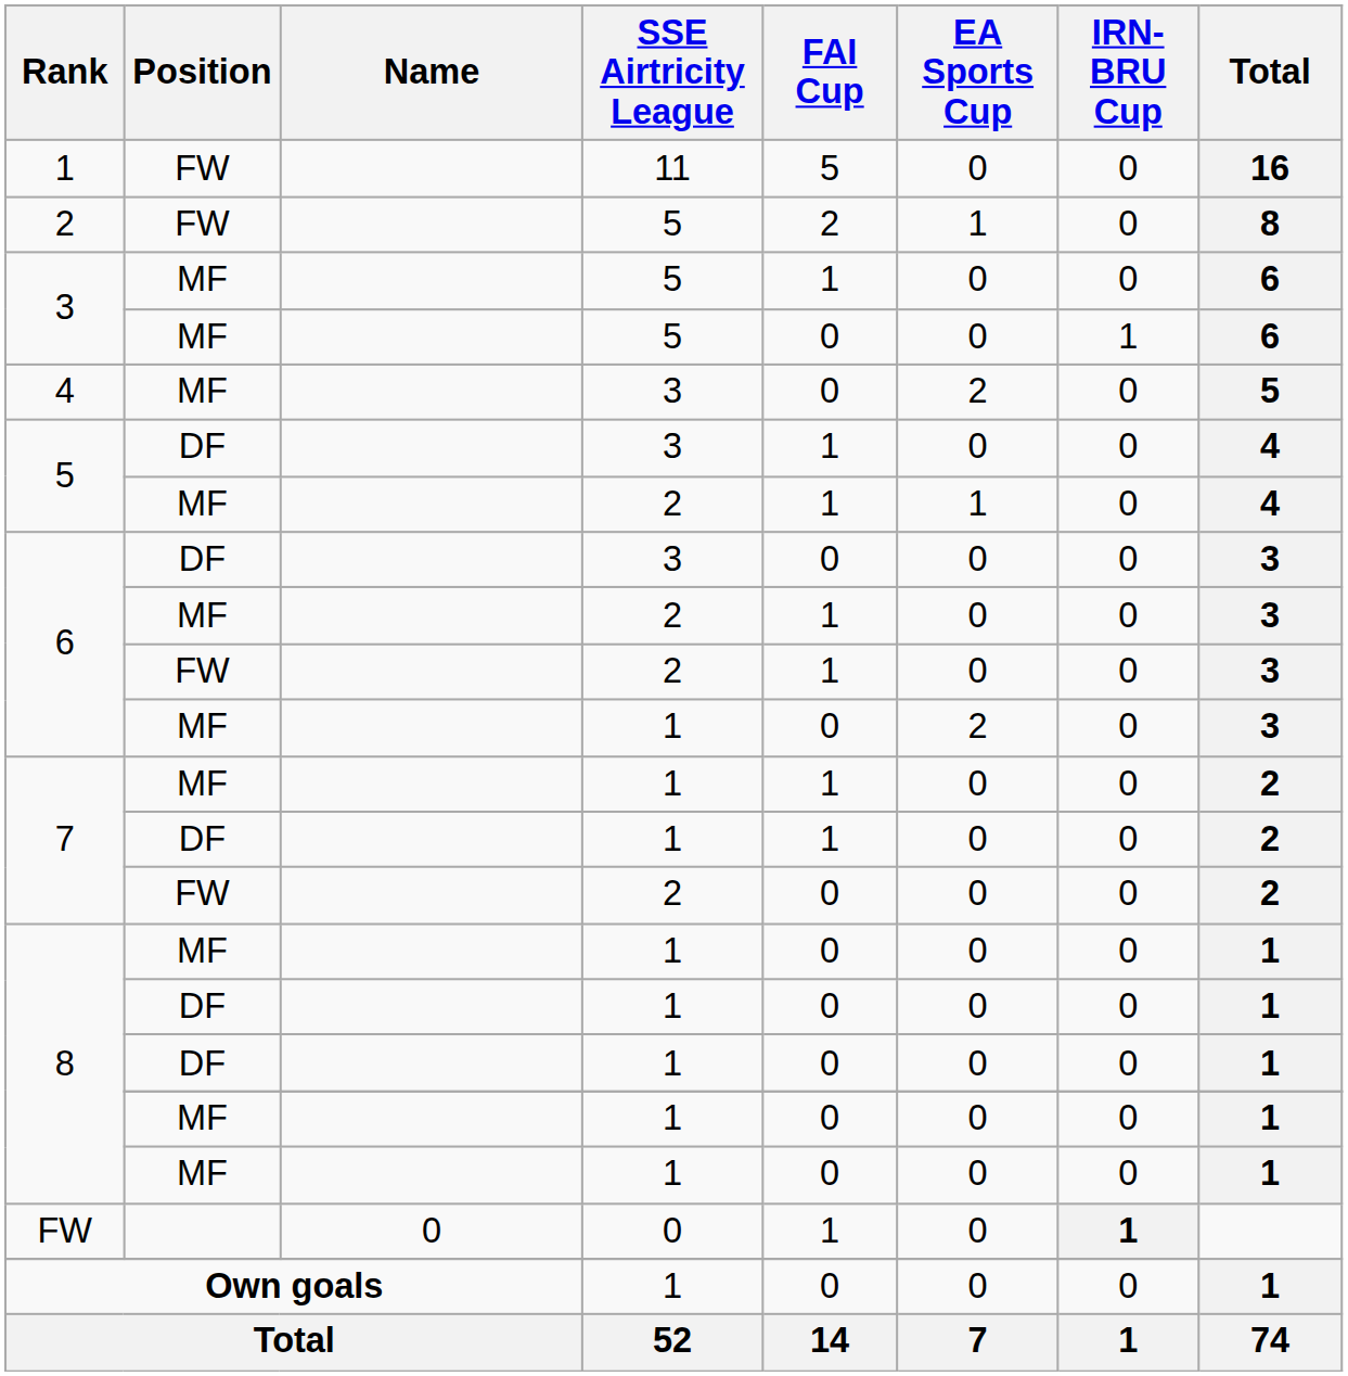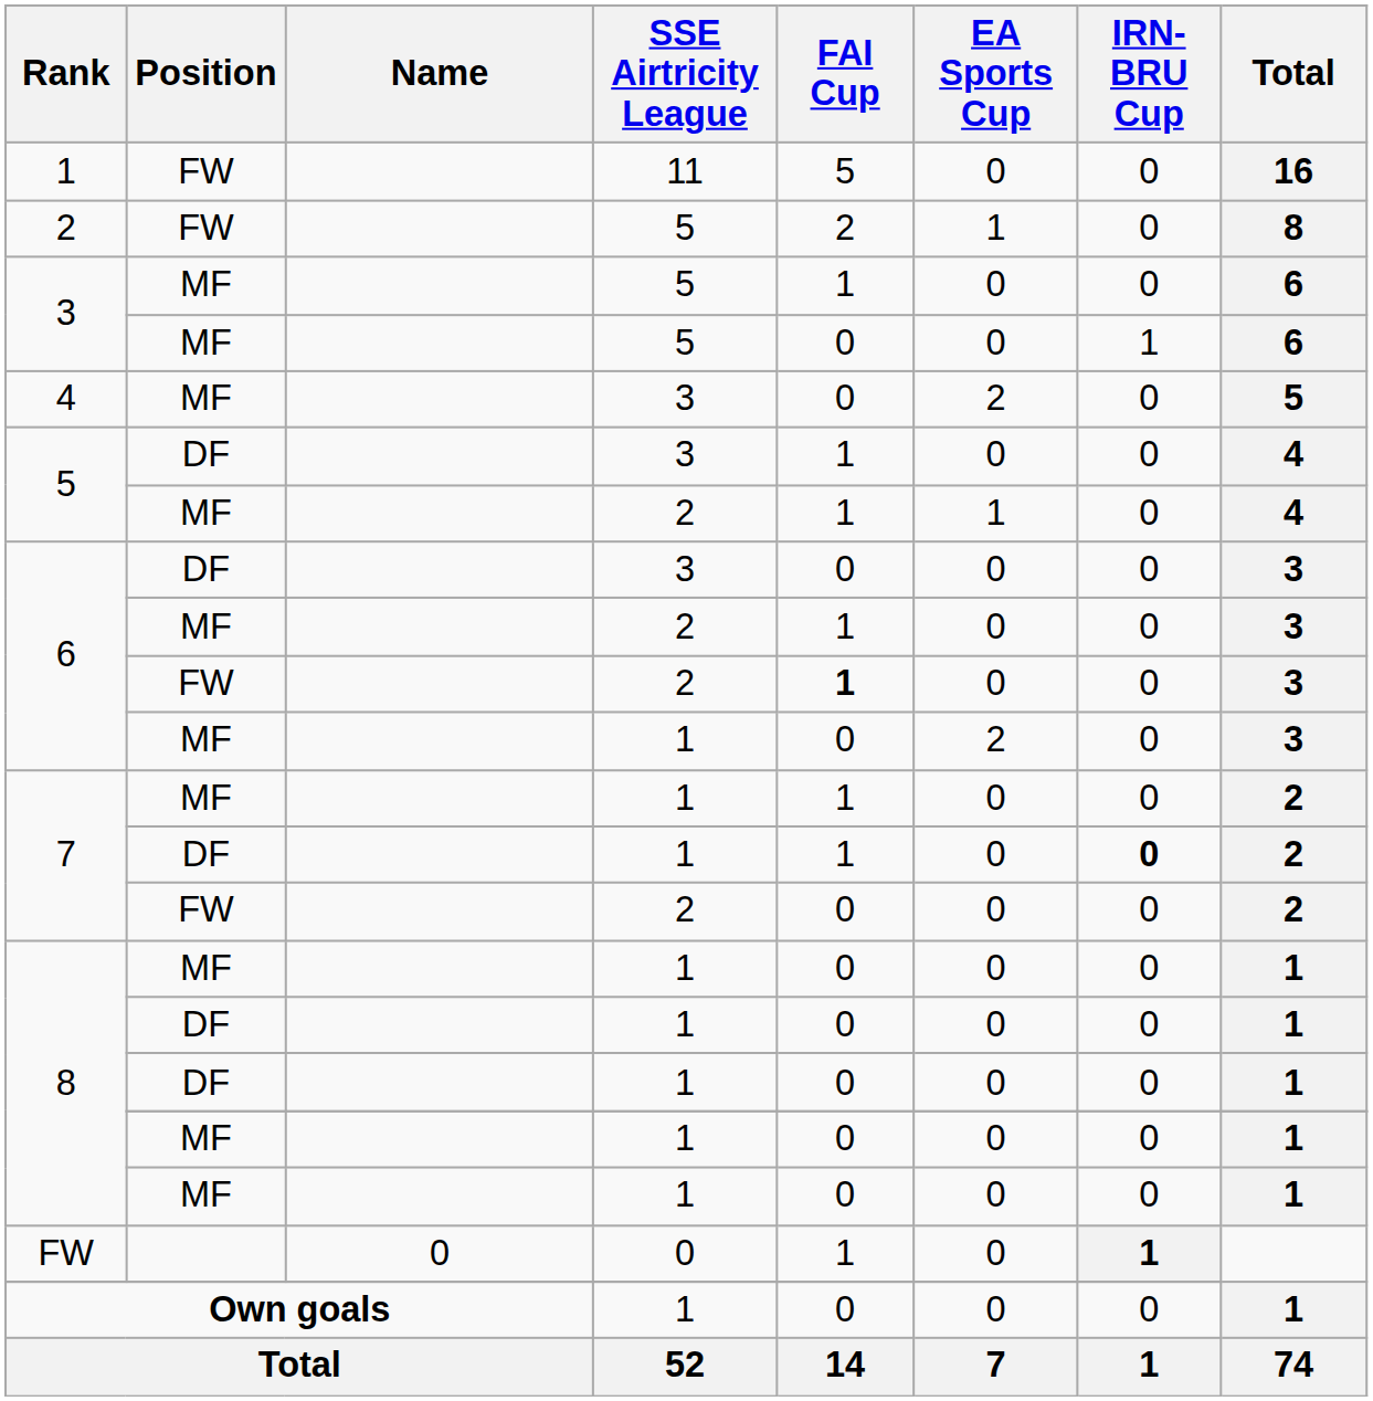 <table class="wikitable" style="text-align: center;">
 <tr>
 <th style="width:56px;">Rank</th>
 <th style="width:64px;">Position</th>
 <th style="width:240px;">Name</th>
 <th style="width:84px;"><a href='#'>SSE Airtricity League</a></th>
 <th style="width:84px;"><a href='#'>FAI Cup</a></th>
 <th style="width:84px;"><a href='#'>EA Sports Cup</a></th>
 <th style="width:84px;"><a href='#'>IRN-BRU Cup</a></th>
 <th style="width:84px;"><strong>Total</strong></th>
 </tr>
 <tr>
 <td rowspan="1">1</td>
 <td>FW</td>
 <td align=left></td>
 <td>11 </td>
 <td>5 </td>
 <td>0 </td>
 <td>0 </td>
 <th>16 </th>
 </tr>
 <tr>
 <td rowspan="1">2</td>
 <td>FW</td>
 <td align=left></td>
 <td>5 </td>
 <td>2 </td>
 <td>1 </td>
 <td>0 </td>
 <th>8 </th>
 </tr>
 <tr>
 <td rowspan="2">3</td>
 <td>MF</td>
 <td align=left></td>
 <td>5 </td>
 <td>1 </td>
 <td>0 </td>
 <td>0 </td>
 <th>6 </th>
 </tr>
 <tr>
 <td>MF</td>
 <td align=left></td>
 <td>5 </td>
 <td>0 </td>
 <td>0 </td>
 <td>1 </td>
 <th>6 </th>
 </tr>
 <tr>
 <td rowspan="1">4</td>
 <td>MF</td>
 <td align=left></td>
 <td>3 </td>
 <td>0 </td>
 <td>2 </td>
 <td>0 </td>
 <th>5 </th>
 </tr>
 <tr>
 <td rowspan="2">5</td>
 <td>DF</td>
 <td align=left></td>
 <td>3 </td>
 <td>1 </td>
 <td>0 </td>
 <td>0 </td>
 <th>4 </th>
 </tr>
 <tr>
 <td>MF</td>
 <td align=left></td>
 <td>2 </td>
 <td>1 </td>
 <td>1 </td>
 <td>0 </td>
 <th>4 </th>
 </tr>
 <tr>
 <td rowspan="4">6</td>
 <td>DF</td>
 <td align=left></td>
 <td>3 </td>
 <td>0 </td>
 <td>0 </td>
 <td>0 </td>
 <th>3 </th>
 </tr>
 <tr>
 <td>MF</td>
 <td align=left></td>
 <td>2 </td>
 <td>1 </td>
 <td>0 </td>
 <td>0 </td>
 <th>3 </th>
 </tr>
 <tr>
 <td>FW</td>
 <td align=left></td>
 <td>2 </td>
-<td>1 </td>
+<td><strong>1 </strong></td>
 <td>0 </td>
 <td>0 </td>
 <th>3 </th>
 </tr>
 <tr>
 <td>MF</td>
 <td align=left></td>
 <td>1 </td>
 <td>0 </td>
 <td>2 </td>
 <td>0 </td>
 <th>3 </th>
 </tr>
 <tr>
 <td rowspan="3">7</td>
 <td>MF</td>
 <td align=left></td>
 <td>1 </td>
 <td>1 </td>
 <td>0 </td>
 <td>0 </td>
 <th>2 </th>
 </tr>
 <tr>
 <td>DF</td>
 <td align=left></td>
 <td>1 </td>
 <td>1 </td>
 <td>0 </td>
-<td>0 </td>
+<td><strong>0 </strong></td>
 <th>2 </th>
 </tr>
 <tr>
 <td>FW</td>
 <td align=left></td>
 <td>2 </td>
 <td>0 </td>
 <td>0 </td>
 <td>0 </td>
 <th>2 </th>
 </tr>
 <tr>
 <td rowspan="6">8</td>
 <td>MF</td>
 <td align=left></td>
 <td>1 </td>
 <td>0 </td>
 <td>0 </td>
 <td>0 </td>
 <th>1 </th>
 </tr>
 <tr>
 <td>DF</td>
 <td align=left></td>
 <td>1 </td>
 <td>0 </td>
 <td>0 </td>
 <td>0 </td>
 <th>1 </th>
 </tr>
 <tr>
 <td>DF</td>
 <td align=left></td>
 <td>1 </td>
 <td>0 </td>
 <td>0 </td>
 <td>0 </td>
 <th>1 </th>
 </tr>
 <tr>
 </tr>
 <tr>
 <td>MF</td>
 <td align=left></td>
 <td>1 </td>
 <td>0 </td>
 <td>0 </td>
 <td>0 </td>
 <th>1 </th>
 </tr>
 <tr>
 <td>MF</td>
 <td align=left></td>
 <td>1 </td>
 <td>0 </td>
 <td>0 </td>
 <td>0 </td>
 <th>1 </th>
 </tr>
 <tr>
 <td>FW</td>
 <td align=left></td>
 <td>0 </td>
 <td>0 </td>
 <td>1 </td>
 <td>0 </td>
 <th>1 </th>
 </tr>
 <tr>
 </tr>
 <tr>
 <td colspan="3"><strong>Own goals</strong></td>
 <td>1 </td>
 <td>0 </td>
 <td>0 </td>
 <td>0 </td>
 <th>1 </th>
 </tr>
 <tr>
 <th colspan="3">Total</th>
 <th>52</th>
 <th>14</th>
 <th>7</th>
 <th>1</th>
 <th>74</th>
 </tr>
 </table>
